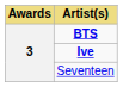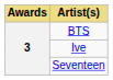 <table class="wikitable" style="text-align:center">
 <tr>
 <th scope="col" style="background:#EEDD82">Awards</th>
 <th scope="col" style="background:#EEDD82">Artist(s)</th>
 </tr>
 <tr>
 <th scope="col" rowspan="3">3</th>
-<td><strong><a href='#'>BTS</a> </strong></td>
+<td><a href='#'>BTS</a> </td>
 </tr>
 <tr>
-<td><strong><a href='#'>Ive</a> </strong></td>
+<td><a href='#'>Ive</a> </td>
 </tr>
 <tr>
 <td><a href='#'>Seventeen</a> </td>
 </tr>
 </table>
